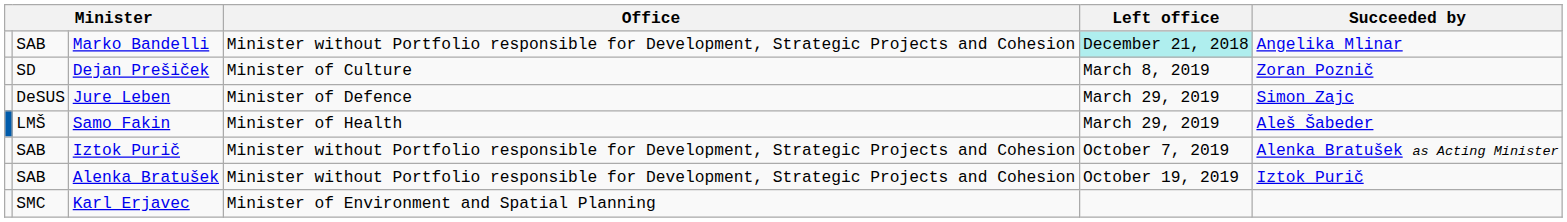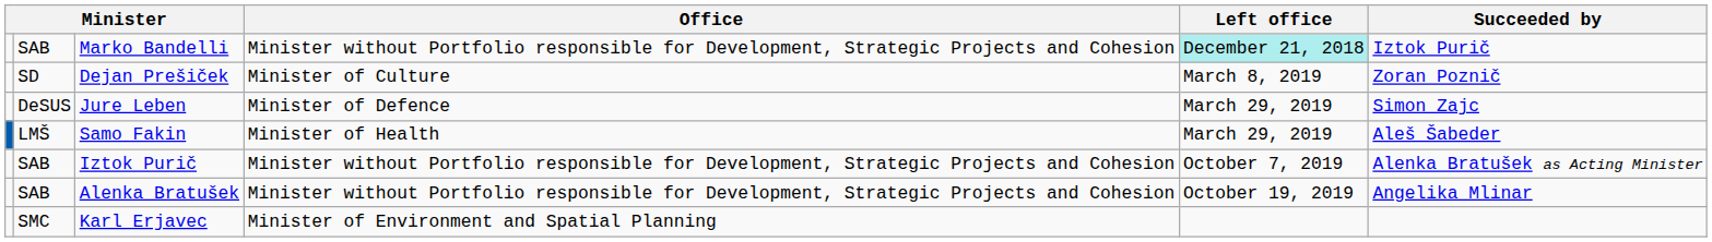 <table class="wikitable">
 <tr>
 <th colspan="3">Minister</th>
 <th>Office</th>
 <th>Left office</th>
 <th>Succeeded by</th>
 </tr>
 <tr>
 <td style="background:"></td>
 <td>SAB</td>
 <td><a href='#'>Marko Bandelli</a></td>
 <td>Minister without Portfolio responsible for Development, Strategic Projects and Cohesion</td>
 <td style="background: paleturquoise;">December 21, 2018</td>
-<td><a href='#'>Angelika Mlinar</a></td>
+<td><a href='#'>Iztok Purič</a></td>
 </tr>
 <tr>
 <td style="background:"></td>
 <td>SD</td>
 <td><a href='#'>Dejan Prešiček</a></td>
 <td>Minister of Culture</td>
 <td>March 8, 2019</td>
 <td><a href='#'>Zoran Poznič</a></td>
 </tr>
 <tr>
 <td style="background:"></td>
 <td>DeSUS</td>
 <td><a href='#'>Jure Leben</a></td>
 <td>Minister of Defence</td>
 <td>March 29, 2019</td>
 <td><a href='#'>Simon Zajc</a></td>
 </tr>
 <tr>
 <td style="background:#005bab"></td>
 <td>LMŠ</td>
 <td><a href='#'>Samo Fakin</a></td>
 <td>Minister of Health</td>
 <td>March 29, 2019</td>
 <td><a href='#'>Aleš Šabeder</a></td>
 </tr>
 <tr>
 <td style="background:"></td>
 <td>SAB</td>
 <td><a href='#'>Iztok Purič</a></td>
 <td>Minister without Portfolio responsible for Development, Strategic Projects and Cohesion</td>
 <td>October 7, 2019</td>
 <td><a href='#'>Alenka Bratušek</a> <em><small>as Acting Minister</small></em></td>
 </tr>
 <tr>
 <td></td>
 <td>SAB</td>
 <td><a href='#'>Alenka Bratušek</a></td>
 <td>Minister without Portfolio responsible for Development, Strategic Projects and Cohesion</td>
 <td>October 19, 2019</td>
-<td><a href='#'>Iztok Purič</a></td>
+<td><a href='#'>Angelika Mlinar</a></td>
 </tr>
 <tr>
 <td></td>
 <td>SMC</td>
 <td><a href='#'>Karl Erjavec</a></td>
 <td>Minister of Environment and Spatial Planning</td>
 <td></td>
 <td></td>
 </tr>
 </table>
